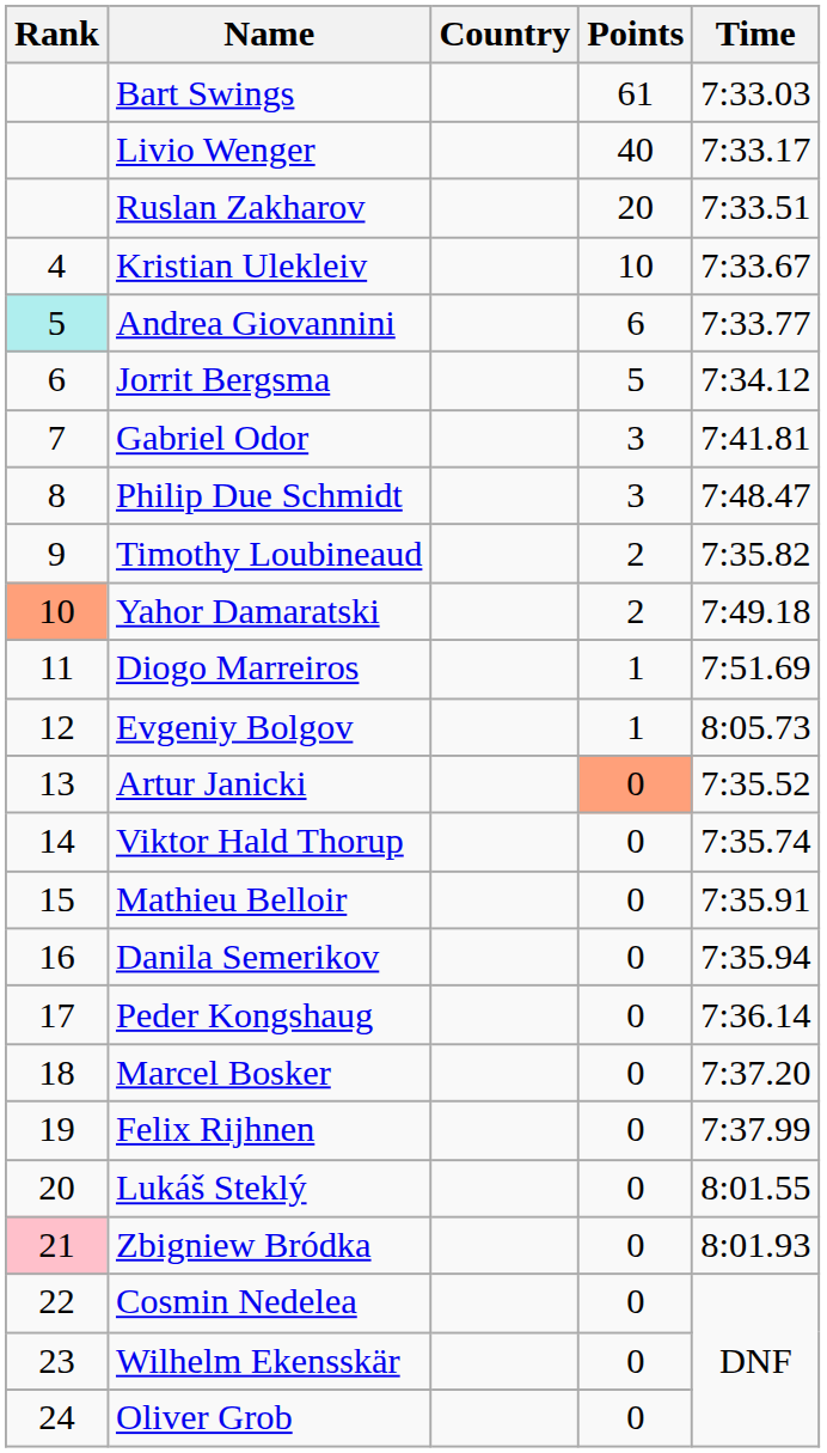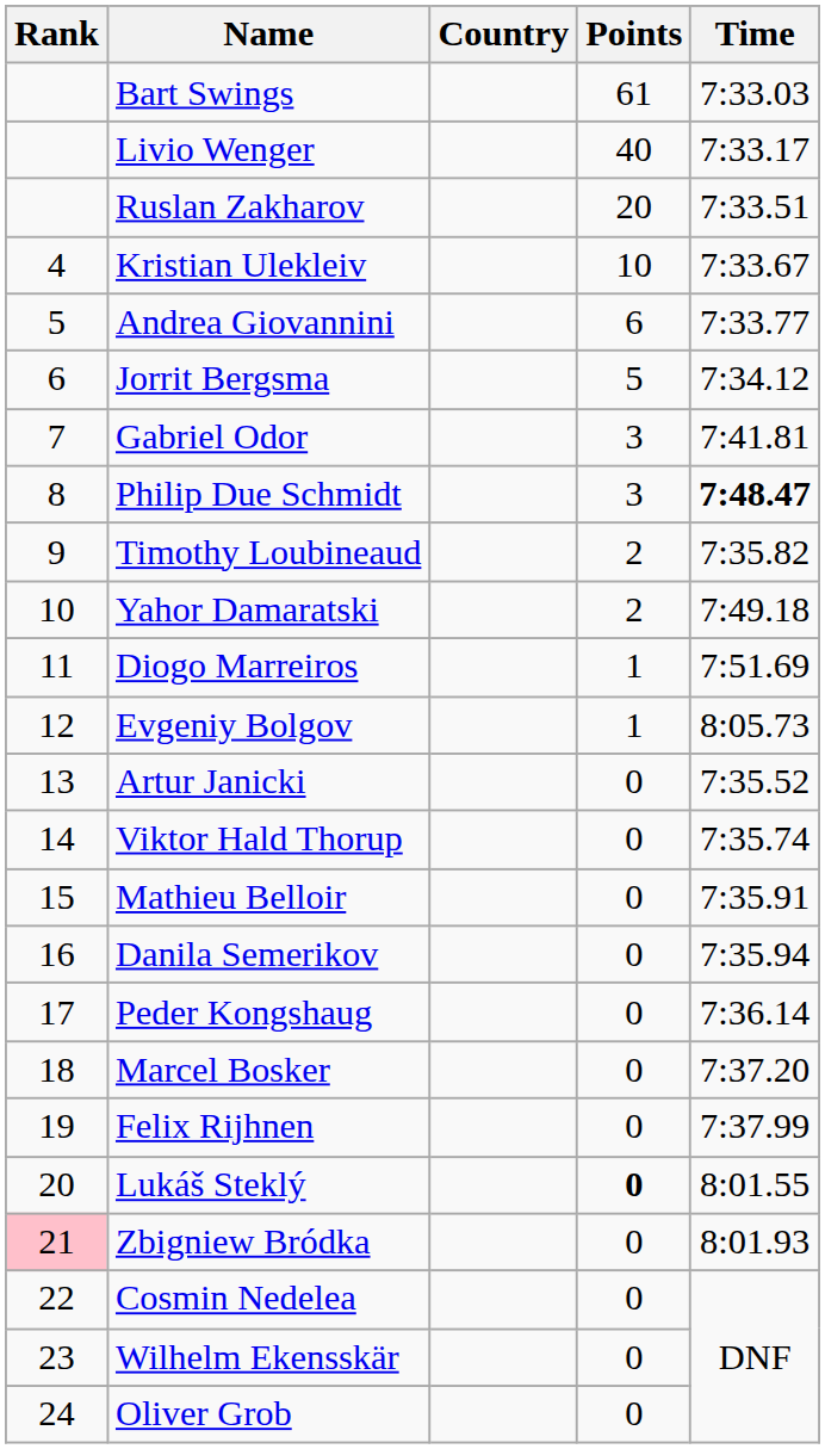 <table class="wikitable sortable" style="text-align:center">
 <tr>
 <th>Rank</th>
 <th>Name</th>
 <th>Country</th>
 <th>Points</th>
 <th>Time</th>
 </tr>
 <tr>
 <td></td>
 <td align=left><a href='#'>Bart Swings</a></td>
 <td align=left></td>
 <td>61</td>
 <td>7:33.03</td>
 </tr>
 <tr>
 <td></td>
 <td align=left><a href='#'>Livio Wenger</a></td>
 <td align=left></td>
 <td>40</td>
 <td>7:33.17</td>
 </tr>
 <tr>
 <td></td>
 <td align=left><a href='#'>Ruslan Zakharov</a></td>
 <td align=left></td>
 <td>20</td>
 <td>7:33.51</td>
 </tr>
 <tr>
 <td>4</td>
 <td align=left><a href='#'>Kristian Ulekleiv</a></td>
 <td align=left></td>
 <td>10</td>
 <td>7:33.67</td>
 </tr>
 <tr>
-<td style="background: paleturquoise;">5</td>
+<td>5</td>
 <td align=left><a href='#'>Andrea Giovannini</a></td>
 <td align=left></td>
 <td>6</td>
 <td>7:33.77</td>
 </tr>
 <tr>
 <td>6</td>
 <td align=left><a href='#'>Jorrit Bergsma</a></td>
 <td align=left></td>
 <td>5</td>
 <td>7:34.12</td>
 </tr>
 <tr>
 <td>7</td>
 <td align=left><a href='#'>Gabriel Odor</a></td>
 <td align=left></td>
 <td>3</td>
 <td>7:41.81</td>
 </tr>
 <tr>
 <td>8</td>
 <td align=left><a href='#'>Philip Due Schmidt</a></td>
 <td align=left></td>
 <td>3</td>
-<td>7:48.47</td>
+<td><strong>7:48.47</strong></td>
 </tr>
 <tr>
 <td>9</td>
 <td align=left><a href='#'>Timothy Loubineaud</a></td>
 <td align=left></td>
 <td>2</td>
 <td>7:35.82</td>
 </tr>
 <tr>
-<td style="background: lightsalmon;">10</td>
+<td>10</td>
 <td align=left><a href='#'>Yahor Damaratski</a></td>
 <td align=left></td>
 <td>2</td>
 <td>7:49.18</td>
 </tr>
 <tr>
 <td>11</td>
 <td align=left><a href='#'>Diogo Marreiros</a></td>
 <td align=left></td>
 <td>1</td>
 <td>7:51.69</td>
 </tr>
 <tr>
 <td>12</td>
 <td align=left><a href='#'>Evgeniy Bolgov</a></td>
 <td align=left></td>
 <td>1</td>
 <td>8:05.73</td>
 </tr>
 <tr>
 <td>13</td>
 <td align=left><a href='#'>Artur Janicki</a></td>
 <td align=left></td>
-<td style="background: lightsalmon;">0</td>
+<td>0</td>
 <td>7:35.52</td>
 </tr>
 <tr>
 <td>14</td>
 <td align=left><a href='#'>Viktor Hald Thorup</a></td>
 <td align=left></td>
 <td>0</td>
 <td>7:35.74</td>
 </tr>
 <tr>
 <td>15</td>
 <td align=left><a href='#'>Mathieu Belloir</a></td>
 <td align=left></td>
 <td>0</td>
 <td>7:35.91</td>
 </tr>
 <tr>
 <td>16</td>
 <td align=left><a href='#'>Danila Semerikov</a></td>
 <td align=left></td>
 <td>0</td>
 <td>7:35.94</td>
 </tr>
 <tr>
 <td>17</td>
 <td align=left><a href='#'>Peder Kongshaug</a></td>
 <td align=left></td>
 <td>0</td>
 <td>7:36.14</td>
 </tr>
 <tr>
 <td>18</td>
 <td align=left><a href='#'>Marcel Bosker</a></td>
 <td align=left></td>
 <td>0</td>
 <td>7:37.20</td>
 </tr>
 <tr>
 <td>19</td>
 <td align=left><a href='#'>Felix Rijhnen</a></td>
 <td align=left></td>
 <td>0</td>
 <td>7:37.99</td>
 </tr>
 <tr>
 <td>20</td>
 <td align=left><a href='#'>Lukáš Steklý</a></td>
 <td align=left></td>
-<td>0</td>
+<td><strong>0</strong></td>
 <td>8:01.55</td>
 </tr>
 <tr>
 <td style="background: pink;">21</td>
 <td align=left><a href='#'>Zbigniew Bródka</a></td>
 <td align=left></td>
 <td>0</td>
 <td>8:01.93</td>
 </tr>
 <tr>
 <td>22</td>
 <td align=left><a href='#'>Cosmin Nedelea</a></td>
 <td align=left></td>
 <td>0</td>
 <td rowspan=3>DNF</td>
 </tr>
 <tr>
 <td>23</td>
 <td align=left><a href='#'>Wilhelm Ekensskär</a></td>
 <td align=left></td>
 <td>0</td>
 </tr>
 <tr>
 <td>24</td>
 <td align=left><a href='#'>Oliver Grob</a></td>
 <td align=left></td>
 <td>0</td>
 </tr>
 </table>
